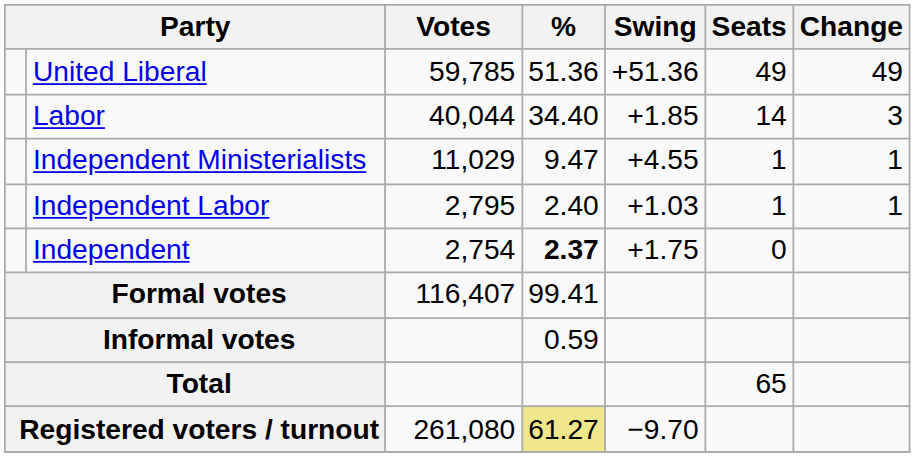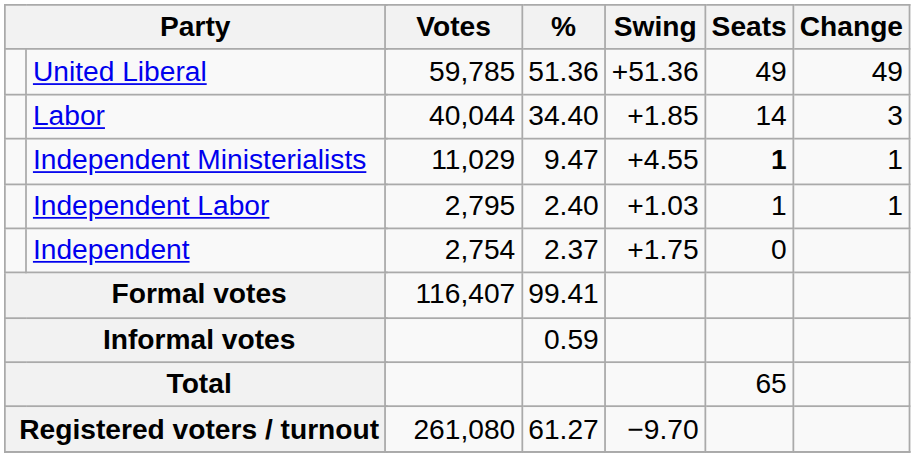 <table class="wikitable" style="text-align:right; margin-bottom:0">
 <tr>
 <th style="width:10px;" colspan=3>Party</th>
 <th style="width:70px;">Votes</th>
 <th style="width:40px;">%</th>
 <th style="width:40px;">Swing</th>
 <th style="width:40px;">Seats</th>
 <th style="width:40px;">Change</th>
 </tr>
 <tr>
 <td> </td>
 <td style="text-align:left;" colspan="2"><a href='#'>United Liberal</a></td>
 <td style="width:70px;">59,785</td>
 <td style="width:40px;">51.36</td>
 <td style="width:45px;">+51.36</td>
 <td style="width:40px;">49</td>
 <td style="width:55px;"> 49</td>
 </tr>
 <tr>
 <td> </td>
 <td style="text-align:left;" colspan="2"><a href='#'>Labor</a></td>
 <td style="width:70px;">40,044</td>
 <td style="width:40px;">34.40</td>
 <td style="width:45px;">+1.85</td>
 <td style="width:40px;">14</td>
 <td style="width:55px;"> 3</td>
 </tr>
 <tr>
 <td> </td>
 <td style="text-align:left;" colspan="2"><a href='#'>Independent Ministerialists</a></td>
 <td>11,029</td>
 <td>9.47</td>
 <td>+4.55</td>
-<td>1</td>
+<td><strong>1</strong></td>
 <td> 1</td>
 </tr>
 <tr>
 <td> </td>
 <td style="text-align:left;" colspan="2"><a href='#'>Independent Labor</a></td>
 <td style="width:70px;">2,795</td>
 <td style="width:40px;">2.40</td>
 <td style="width:45px;">+1.03</td>
 <td style="width:40px;">1</td>
 <td style="width:55px;"> 1</td>
 </tr>
 <tr>
 <td> </td>
 <td style="text-align:left;" colspan="2"><a href='#'>Independent</a></td>
 <td style="width:70px;">2,754</td>
-<td style="width:40px;"><strong>2.37</strong></td>
+<td style="width:40px;">2.37</td>
 <td style="width:45px;">+1.75</td>
 <td style="width:40px;">0</td>
 <td style="width:55px;"></td>
 </tr>
 <tr>
 <th colspan="3"> Formal votes</th>
 <td>116,407</td>
 <td>99.41</td>
 <td></td>
 <td></td>
 <td></td>
 </tr>
 <tr>
 <th colspan="3"> Informal votes</th>
 <td></td>
 <td>0.59</td>
 <td></td>
 <td></td>
 <td></td>
 </tr>
 <tr>
 <th colspan="3"> Total</th>
 <td></td>
 <td></td>
 <td></td>
 <td>65</td>
 <td></td>
 </tr>
 <tr>
 <th colspan="3"> Registered voters / turnout</th>
 <td>261,080</td>
-<td style="background: khaki;">61.27</td>
+<td>61.27</td>
 <td>−9.70</td>
 <td></td>
 <td></td>
 </tr>
 <tr>
 </tr>
 </table>
